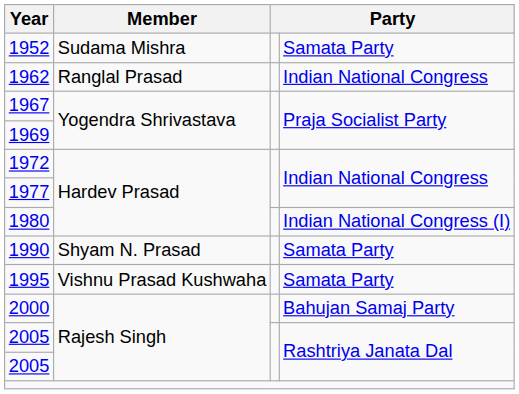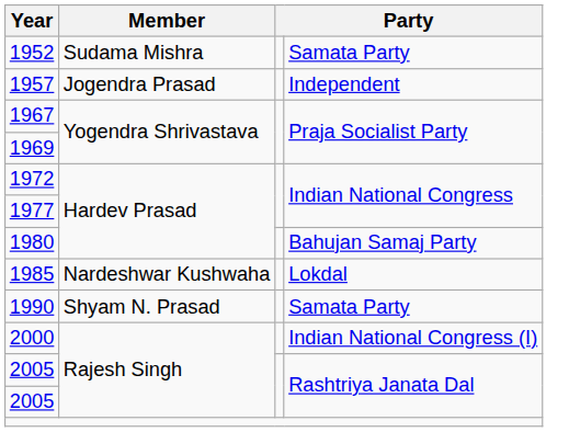 <table class="wikitable">
 <tr>
 <th>Year</th>
 <th>Member</th>
 <th colspan="2">Party</th>
 </tr>
 <tr>
 <td><a href='#'>1952</a></td>
 <td>Sudama Mishra</td>
 <td style="background-color: "></td>
 <td><a href='#'>Samata Party</a></td>
 </tr>
 <tr>
-<td><a href='#'>1962</a></td>
-<td>Ranglal Prasad</td>
+<td><a href='#'>1957</a></td>
+<td>Jogendra Prasad</td>
 <td style="background-color: "></td>
-<td><a href='#'>Indian National Congress</a></td>
+<td><a href='#'>Independent</a></td>
 </tr>
 <tr>
 <td><a href='#'>1967</a></td>
 <td rowspan="2">Yogendra Shrivastava</td>
 <td rowspan="2" style="background-color: "></td>
 <td rowspan="2"><a href='#'>Praja Socialist Party</a></td>
 </tr>
 <tr>
 <td><a href='#'>1969</a></td>
 </tr>
 <tr>
 <td><a href='#'>1972</a></td>
 <td rowspan="3">Hardev Prasad</td>
 <td rowspan="2" style="background-color: "></td>
 <td rowspan="2"><a href='#'>Indian National Congress</a></td>
 </tr>
 <tr>
 <td><a href='#'>1977</a></td>
 </tr>
 <tr>
 <td><a href='#'>1980</a></td>
 <td style="background-color: "></td>
-<td><a href='#'>Indian National Congress (I)</a></td>
+<td><a href='#'>Bahujan Samaj Party</a></td>
+</tr>
+<tr>
+<td><a href='#'>1985</a></td>
+<td>Nardeshwar Kushwaha</td>
+<td style="background-color: "></td>
+<td><a href='#'>Lokdal</a></td>
 </tr>
 <tr>
 <td><a href='#'>1990</a></td>
 <td>Shyam N. Prasad</td>
 <td style="background-color: "></td>
 <td><a href='#'>Samata Party</a></td>
 </tr>
 <tr>
-<td><a href='#'>1995</a></td>
-<td>Vishnu Prasad Kushwaha</td>
-<td style="background-color: "></td>
-<td><a href='#'>Samata Party</a></td>
-</tr>
-<tr>
 <td><a href='#'>2000</a></td>
 <td rowspan="3">Rajesh Singh</td>
 <td style="background-color: "></td>
-<td><a href='#'>Bahujan Samaj Party</a></td>
+<td><a href='#'>Indian National Congress (I)</a></td>
 </tr>
 <tr>
 <td><a href='#'>2005</a></td>
 <td rowspan="2" style="background-color: "></td>
 <td rowspan="2"><a href='#'>Rashtriya Janata Dal</a></td>
 </tr>
 <tr>
 <td><a href='#'>2005</a></td>
 </tr>
 <tr>
 <td colspan="4"></td>
 </tr>
 </table>
